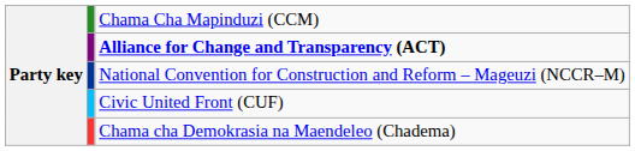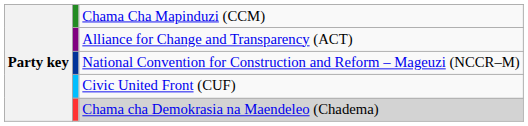 <table class=wikitable>
 <tr>
 <th rowspan= 6>Party key</th>
 <td style="background:#228B22"></td>
 <td><a href='#'>Chama Cha Mapinduzi</a> (CCM)</td>
 </tr>
 <tr>
 <td style="background:purple"></td>
-<td><strong><a href='#'>Alliance for Change and Transparency</a> (ACT)</strong></td>
+<td><a href='#'>Alliance for Change and Transparency</a> (ACT)</td>
 </tr>
 <tr>
 <td style="background:#039"></td>
 <td><a href='#'>National Convention for Construction and Reform – Mageuzi</a> (NCCR–M)</td>
 </tr>
 <tr>
 <td style="background:#00BFFF"></td>
 <td><a href='#'>Civic United Front</a> (CUF)</td>
 </tr>
 <tr>
 <td style="background:#F33"></td>
-<td><a href='#'>Chama cha Demokrasia na Maendeleo</a> (Chadema)</td>
+<td style="background: lightgrey;"><a href='#'>Chama cha Demokrasia na Maendeleo</a> (Chadema)</td>
 </tr>
 </table>
